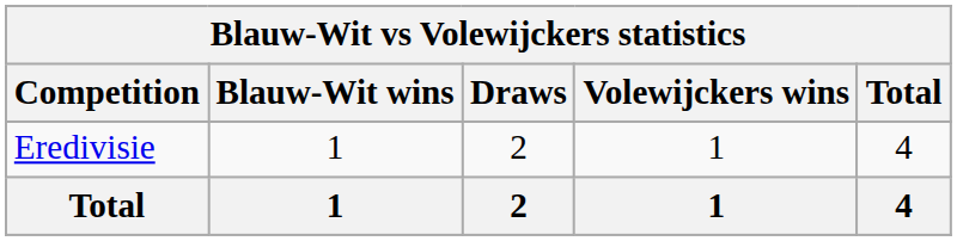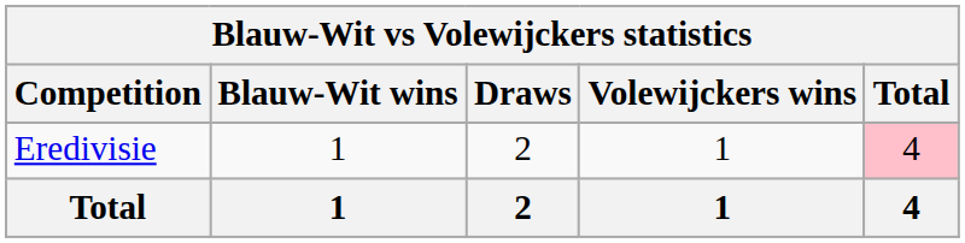 <table class="wikitable" style="font-size: 90%">
 <tr>
 <th colspan="5">Blauw-Wit vs Volewijckers statistics</th>
 </tr>
 <tr>
 <th>Competition</th>
 <th>Blauw-Wit wins</th>
 <th>Draws</th>
 <th>Volewijckers wins</th>
 <th>Total</th>
 </tr>
 <tr>
 <td><a href='#'>Eredivisie</a></td>
 <td style="text-align: center">1</td>
 <td style="text-align: center">2</td>
 <td style="text-align: center">1</td>
-<td style="text-align: center">4</td>
+<td style="background: pink; text-align: center">4</td>
 </tr>
 <tr>
 <th>Total</th>
 <th>1</th>
 <th>2</th>
 <th>1</th>
 <th>4</th>
 </tr>
 </table>
